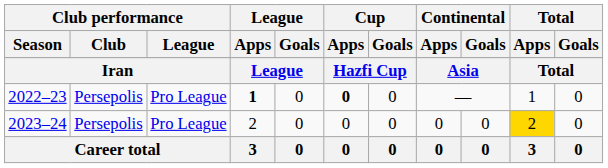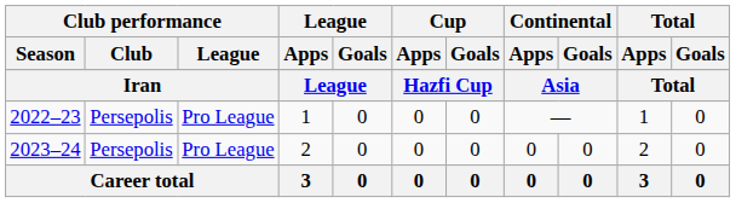 <table class="wikitable" style="text-align:center">
 <tr>
 <th colspan=3>Club performance</th>
 <th colspan=2>League</th>
 <th colspan=2>Cup</th>
 <th colspan=2>Continental</th>
 <th colspan=2>Total</th>
 </tr>
 <tr>
 <th>Season</th>
 <th>Club</th>
 <th>League</th>
 <th>Apps</th>
 <th>Goals</th>
 <th>Apps</th>
 <th>Goals</th>
 <th>Apps</th>
 <th>Goals</th>
 <th>Apps</th>
 <th>Goals</th>
 </tr>
 <tr>
 </tr>
 <tr>
 <th colspan=3>Iran</th>
 <th colspan=2><a href='#'>League</a></th>
 <th colspan=2><a href='#'>Hazfi Cup</a></th>
 <th colspan=2><a href='#'>Asia</a></th>
 <th colspan=2>Total</th>
 </tr>
 <tr>
 <td><a href='#'>2022–23</a></td>
 <td rowspan=1><a href='#'>Persepolis</a></td>
 <td rowspan=1><a href='#'>Pro League</a></td>
-<td><strong>1</strong></td>
+<td>1</td>
 <td>0</td>
-<td><strong>0</strong></td>
+<td>0</td>
 <td>0</td>
 <td colspan="2">—</td>
 <td>1</td>
 <td>0</td>
 </tr>
 <tr>
 <td><a href='#'>2023–24</a></td>
 <td rowspan=1><a href='#'>Persepolis</a></td>
 <td rowspan=1><a href='#'>Pro League</a></td>
 <td>2</td>
 <td>0</td>
 <td>0</td>
 <td>0</td>
 <td>0</td>
 <td>0</td>
-<td style="background: gold;">2</td>
+<td>2</td>
 <td>0</td>
 </tr>
 <tr>
 <th colspan=3>Career total</th>
 <th>3</th>
 <th>0</th>
 <th>0</th>
 <th>0</th>
 <th>0</th>
 <th>0</th>
 <th>3</th>
 <th>0</th>
 </tr>
 </table>
